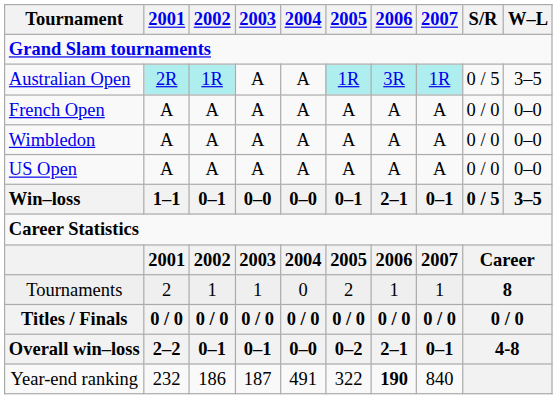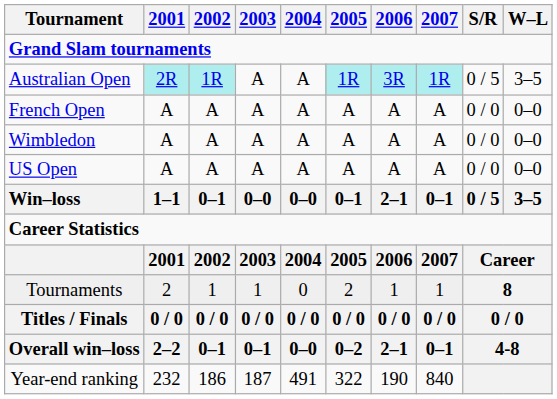 <table class="wikitable" style="text-align:center;font-size:97%">
 <tr>
 <th>Tournament</th>
 <th><a href='#'>2001</a></th>
 <th><a href='#'>2002</a></th>
 <th><a href='#'>2003</a></th>
 <th><a href='#'>2004</a></th>
 <th><a href='#'>2005</a></th>
 <th><a href='#'>2006</a></th>
 <th><a href='#'>2007</a></th>
 <th>S/R</th>
 <th>W–L</th>
 </tr>
 <tr>
 <td colspan="10" align="left"><a href='#'><strong>Grand Slam tournaments</strong></a></td>
 </tr>
 <tr>
 <td align="left"><a href='#'>Australian Open</a></td>
 <td bgcolor="afeeee"><a href='#'>2R</a></td>
 <td bgcolor="afeeee"><a href='#'>1R</a></td>
 <td>A</td>
 <td>A</td>
 <td bgcolor="afeeee"><a href='#'>1R</a></td>
 <td bgcolor="afeeee"><a href='#'>3R</a></td>
 <td bgcolor="afeeee"><a href='#'>1R</a></td>
 <td>0 / 5</td>
 <td>3–5</td>
 </tr>
 <tr>
 <td align="left"><a href='#'>French Open</a></td>
 <td>A</td>
 <td>A</td>
 <td>A</td>
 <td>A</td>
 <td>A</td>
 <td>A</td>
 <td>A</td>
 <td>0 / 0</td>
 <td>0–0</td>
 </tr>
 <tr>
 <td align="left"><a href='#'>Wimbledon</a></td>
 <td>A</td>
 <td>A</td>
 <td>A</td>
 <td>A</td>
 <td>A</td>
 <td>A</td>
 <td>A</td>
 <td>0 / 0</td>
 <td>0–0</td>
 </tr>
 <tr>
 <td align="left"><a href='#'>US Open</a></td>
 <td>A</td>
 <td>A</td>
 <td>A</td>
 <td>A</td>
 <td>A</td>
 <td>A</td>
 <td>A</td>
 <td>0 / 0</td>
 <td>0–0</td>
 </tr>
 <tr>
 <th style="text-align:left">Win–loss</th>
 <th>1–1</th>
 <th>0–1</th>
 <th>0–0</th>
 <th>0–0</th>
 <th>0–1</th>
 <th>2–1</th>
 <th>0–1</th>
 <th>0 / 5</th>
 <th>3–5</th>
 </tr>
 <tr>
 <td colspan="10" align="left"><strong>Career Statistics</strong></td>
 </tr>
 <tr>
 <th></th>
 <th>2001</th>
 <th>2002</th>
 <th>2003</th>
 <th>2004</th>
 <th>2005</th>
 <th>2006</th>
 <th>2007</th>
 <th colspan="2">Career</th>
 </tr>
 <tr bgcolor="efefef">
 <td>Tournaments</td>
 <td>2</td>
 <td>1</td>
 <td>1</td>
 <td>0</td>
 <td>2</td>
 <td>1</td>
 <td>1</td>
 <th colspan="2">8</th>
 </tr>
 <tr>
 <th>Titles / Finals</th>
 <th>0 / 0</th>
 <th>0 / 0</th>
 <th>0 / 0</th>
 <th>0 / 0</th>
 <th>0 / 0</th>
 <th>0 / 0</th>
 <th>0 / 0</th>
 <th colspan="2">0 / 0</th>
 </tr>
 <tr>
 <th>Overall win–loss</th>
 <th>2–2</th>
 <th>0–1</th>
 <th>0–1</th>
 <th>0–0</th>
 <th>0–2</th>
 <th>2–1</th>
 <th>0–1</th>
 <th colspan="2">4-8</th>
 </tr>
 <tr>
 <td>Year-end ranking</td>
 <td>232</td>
 <td>186</td>
 <td>187</td>
 <td>491</td>
 <td>322</td>
-<td><strong>190</strong></td>
+<td>190</td>
 <td>840</td>
 <th colspan="2"><strong></strong></th>
 </tr>
 </table>
